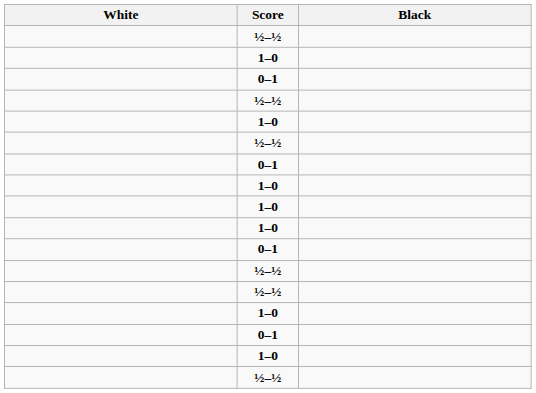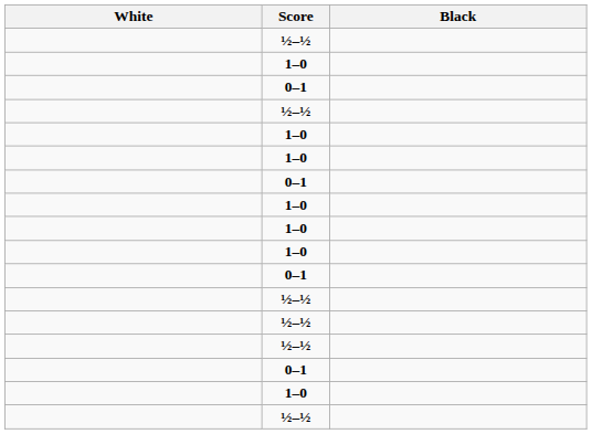 <table class="wikitable" style="text-align: center;">
 <tr>
 <th align="right" width="270">White</th>
 <th width="65">Score</th>
 <th align="left" width="270">Black</th>
 </tr>
 <tr>
 <td align=left></td>
 <td align=center><strong>½–½</strong></td>
 <td align=left></td>
 </tr>
 <tr>
 <td align=left><strong></strong></td>
 <td align=center><strong>1–0</strong></td>
 <td align=left></td>
 </tr>
 <tr>
 <td align=left></td>
 <td align=center><strong>0–1</strong></td>
 <td align=left><strong></strong></td>
 </tr>
 <tr>
 <td align=left><strong></strong></td>
 <td align=center><strong>½–½</strong></td>
 <td align=left></td>
 </tr>
 <tr>
 <td align=left></td>
 <td align=center><strong>1–0</strong></td>
 <td align=left></td>
 </tr>
 <tr>
 <td align=left></td>
-<td align=center><strong>½–½</strong></td>
+<td align=center><strong>1–0</strong></td>
 <td align=left></td>
 </tr>
 <tr>
 <td align=left></td>
 <td align=center><strong>0–1</strong></td>
 <td align=left><strong></strong></td>
 </tr>
 <tr>
 <td align=left><strong></strong></td>
 <td align=center><strong>1–0</strong></td>
 <td align=left></td>
 </tr>
 <tr>
 <td align=left></td>
 <td align=center><strong>1–0</strong></td>
 <td align=left></td>
 </tr>
 <tr>
 <td align=left><strong></strong></td>
 <td align=center><strong>1–0</strong></td>
 <td align=left></td>
 </tr>
 <tr>
 <td align=left></td>
 <td align=center><strong>0–1</strong></td>
 <td align=left><strong></strong></td>
 </tr>
 <tr>
 <td align=left></td>
 <td align=center><strong>½–½</strong></td>
 <td align=left></td>
 </tr>
 <tr>
 <td align=left><strong></strong></td>
 <td align=center><strong>½–½</strong></td>
 <td align=left></td>
 </tr>
 <tr>
 <td align=left><strong></strong></td>
-<td align=center><strong>1–0</strong></td>
+<td align=center><strong>½–½</strong></td>
 <td align=left></td>
 </tr>
 <tr>
 <td align=left></td>
 <td align=center><strong>0–1</strong></td>
 <td align=left><strong></strong></td>
 </tr>
 <tr>
 <td align=left><strong></strong></td>
 <td align=center><strong>1–0</strong></td>
 <td align=left></td>
 </tr>
 <tr>
 <td align=left></td>
 <td align=center><strong>½–½</strong></td>
 <td align=left></td>
 </tr>
 </table>
